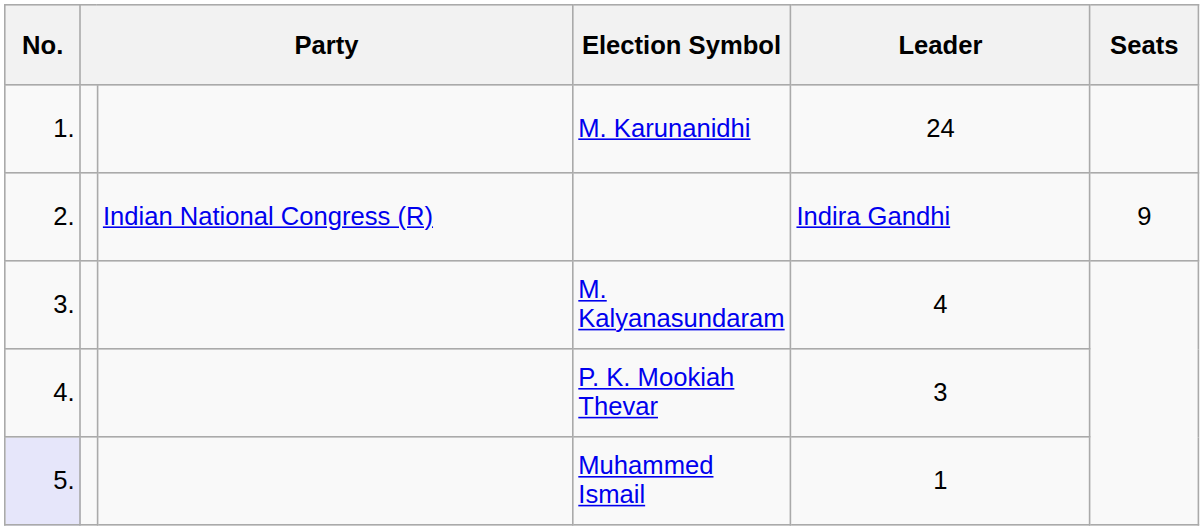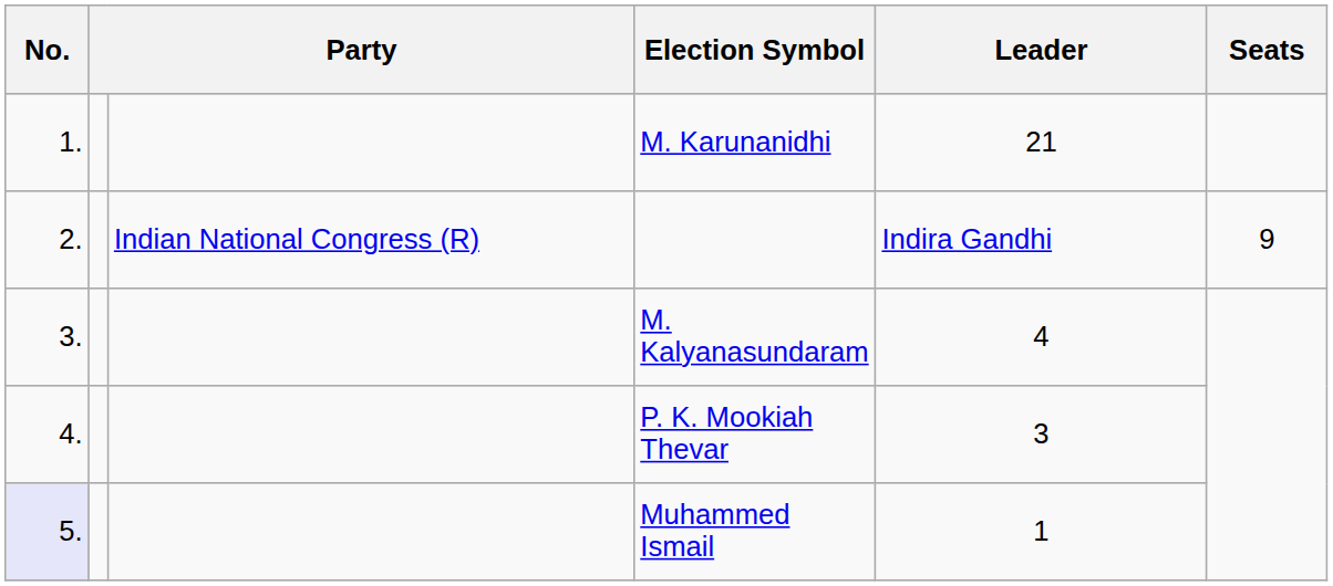 <table class="wikitable">
 <tr style="height: 50px;">
 <th scope="col" style="width:40px;">No.<br></th>
 <th scope="col" style="width:300px;"colspan="2">Party</th>
 <th scope="col" style="width:80px;">Election Symbol</th>
 <th scope="col" style="width:180px;">Leader</th>
 <th scope="col" style="width:60px;">Seats</th>
 </tr>
 <tr style="height: 55px;">
 <td style="text-align:right;">1.</td>
 <td></td>
 <td style="text-align:center;"></td>
 <td><a href='#'>M. Karunanidhi</a></td>
-<td style="text-align:center;">24</td>
+<td style="text-align:center;">21</td>
 </tr>
 <tr style="height: 55px;">
 <td style="text-align:right;">2.</td>
 <td></td>
 <td><a href='#'>Indian National Congress (R)</a></td>
 <td style="text-align:center;"></td>
 <td><a href='#'>Indira Gandhi</a></td>
 <td style="text-align:center;">9</td>
 </tr>
 <tr style="height: 55px;">
 <td style="text-align:right;">3.</td>
 <td></td>
 <td style="text-align:center;"></td>
 <td><a href='#'>M. Kalyanasundaram</a></td>
 <td style="text-align:center;">4</td>
 </tr>
 <tr style="height: 55px;">
 <td style="text-align:right;">4.</td>
 <td></td>
 <td style="text-align:center;"></td>
 <td><a href='#'>P. K. Mookiah Thevar</a></td>
 <td style="text-align:center;">3</td>
 </tr>
 <tr style="height: 55px;">
 <td style="background: lavender; text-align:right;">5.</td>
 <td></td>
 <td style="text-align:center;"></td>
 <td><a href='#'>Muhammed Ismail</a></td>
 <td style="text-align:center;">1</td>
 </tr>
 </table>
